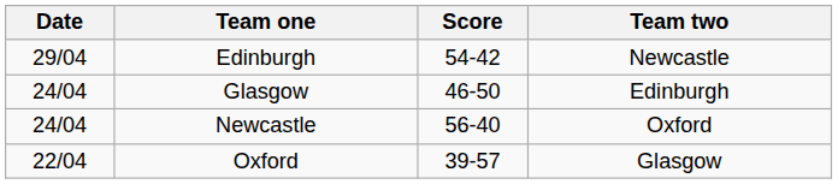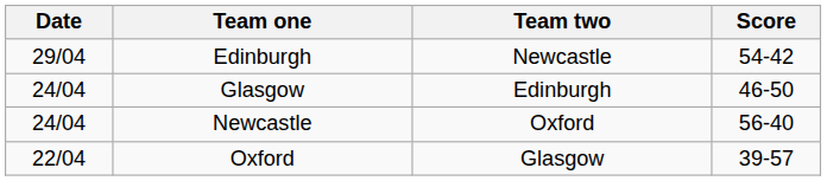 <table class="wikitable" style="text-align: center">
 <tr>
 <th width=80>Date</th>
 <th width=250>Team one</th>
+<th width=250>Team two</th>
 <th width=80>Score</th>
-<th width=250>Team two</th>
 </tr>
 <tr>
 <td>29/04</td>
 <td>Edinburgh</td>
+<td>Newcastle</td>
 <td>54-42</td>
-<td>Newcastle</td>
 </tr>
 <tr>
 <td>24/04</td>
 <td>Glasgow</td>
+<td>Edinburgh</td>
 <td>46-50</td>
-<td>Edinburgh</td>
 </tr>
 <tr>
 <td>24/04</td>
 <td>Newcastle</td>
+<td>Oxford</td>
 <td>56-40</td>
-<td>Oxford</td>
 </tr>
 <tr>
 <td>22/04</td>
 <td>Oxford</td>
+<td>Glasgow</td>
 <td>39-57</td>
-<td>Glasgow</td>
 </tr>
 </table>
